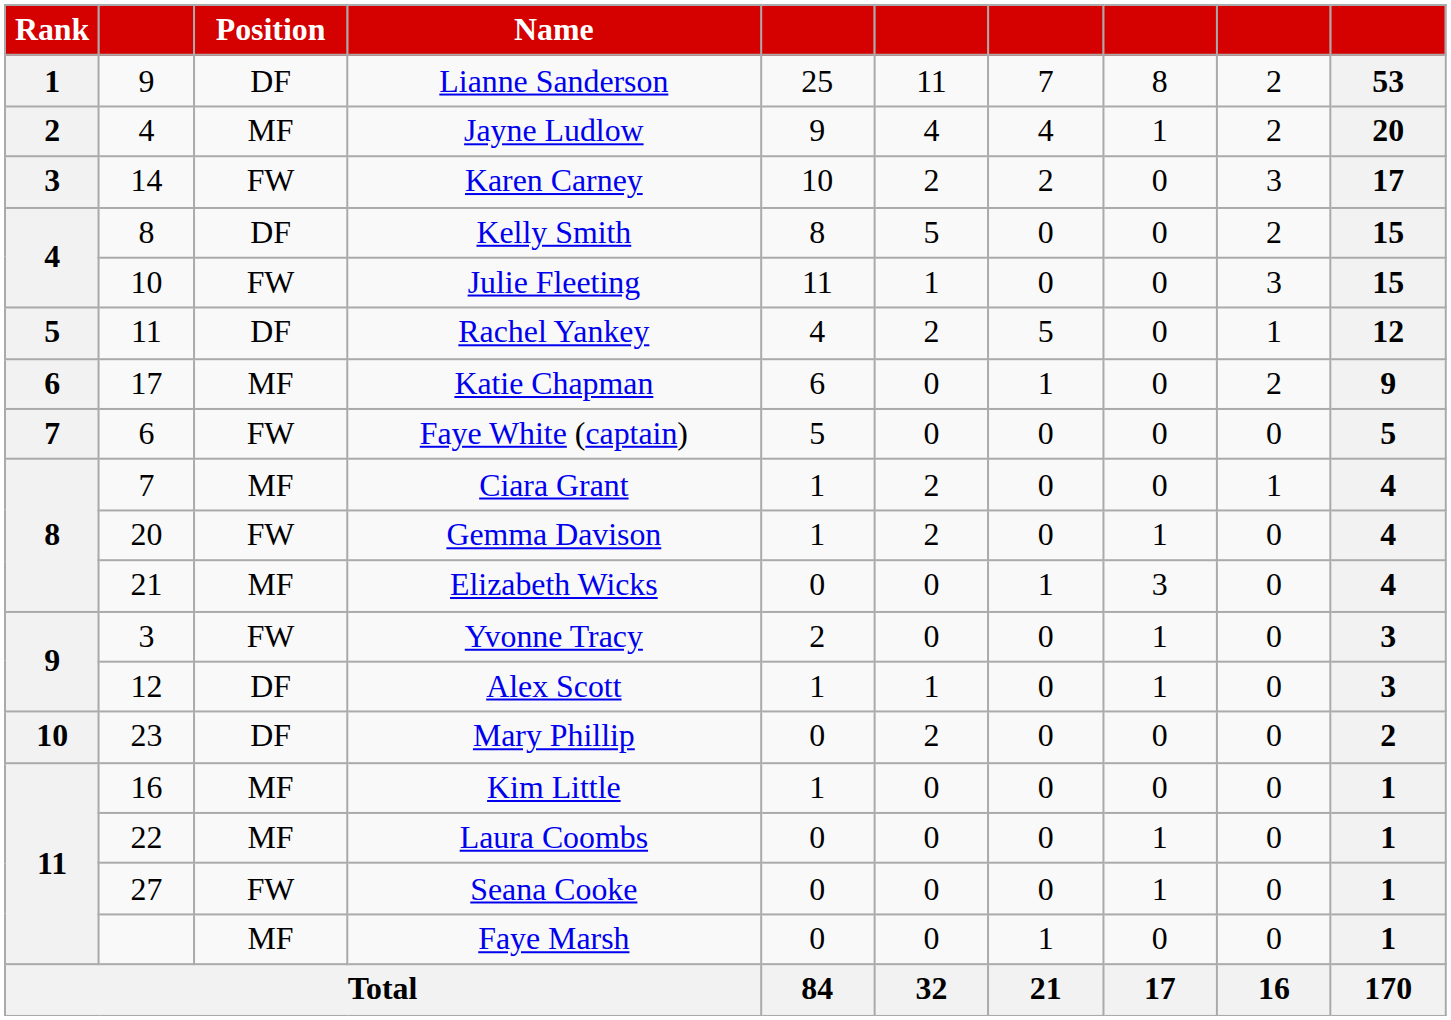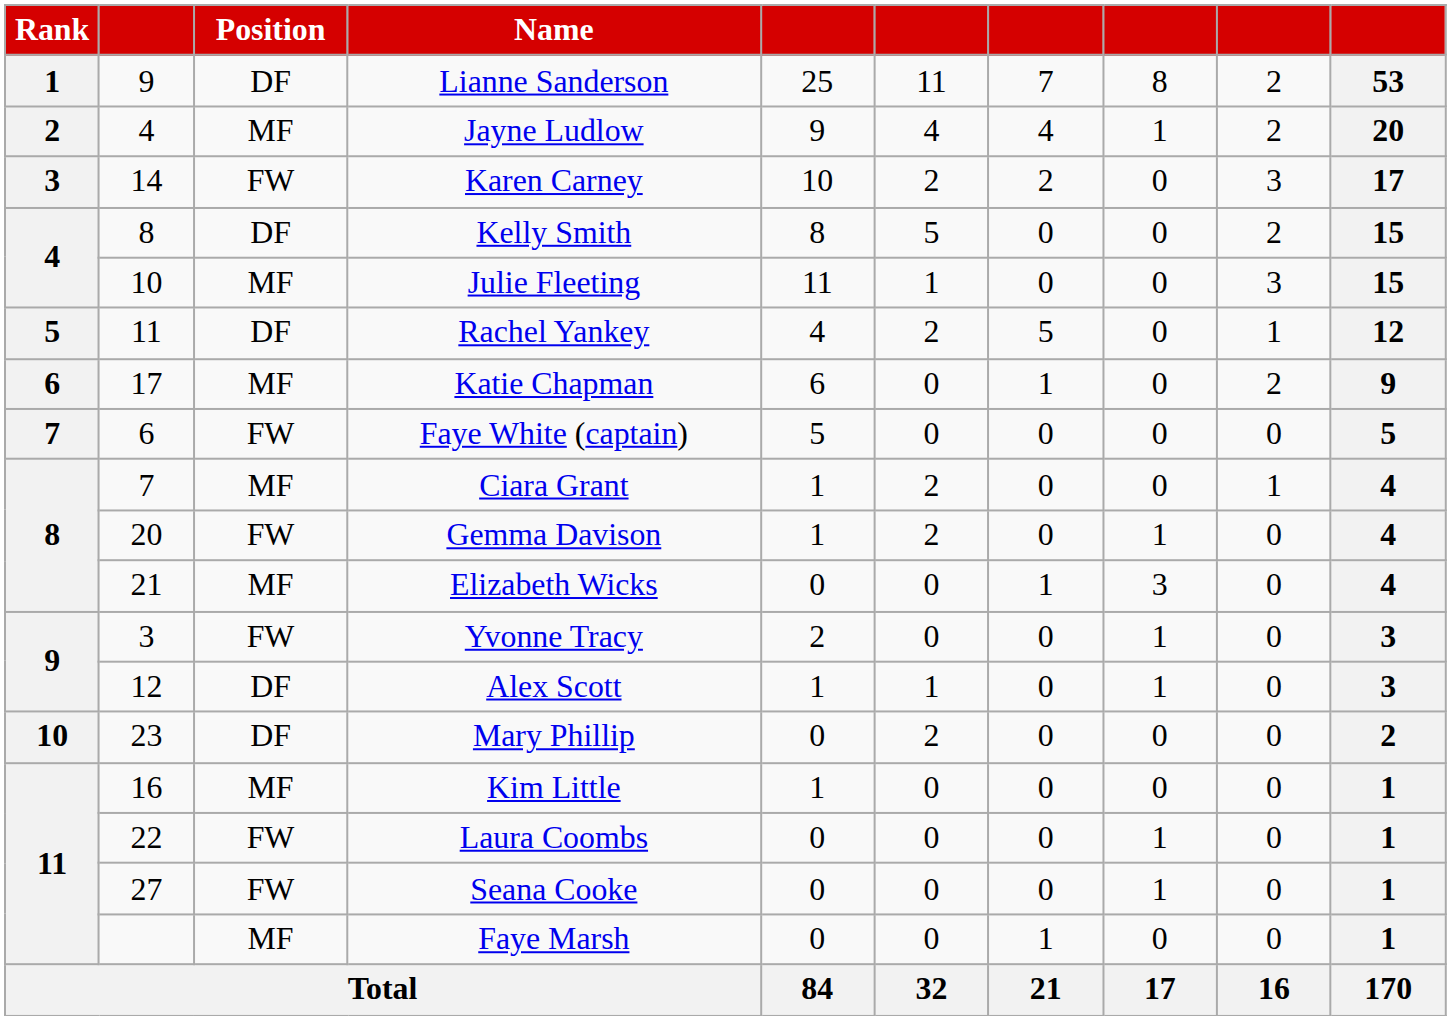 <table class="wikitable" style="text-align:center; font-size:100%; ">
 <tr>
 <th style="background:#d50000; color:white; text-align:center; width:40px">Rank</th>
 <th style="background:#d50000; color:white; text-align:center; width:40px"></th>
 <th style="background:#d50000; color:white; text-align:center; width:70px">Position</th>
 <th style="background:#d50000; color:white; text-align:center; width:200px">Name</th>
 <th style="background:#d50000; color:white; text-align:center; width:50px;"></th>
 <th style="background:#d50000; color:white; text-align:center; width:50px;"></th>
 <th style="background:#d50000; color:white; text-align:center; width:50px;"></th>
 <th style="background:#d50000; color:white; text-align:center; width:50px;"></th>
 <th style="background:#d50000; color:white; text-align:center; width:50px;"></th>
 <th style="background:#d50000; color:white; text-align:center; width:50px;"></th>
 </tr>
 <tr>
 <th>1</th>
 <td>9</td>
 <td>DF</td>
 <td> <a href='#'>Lianne Sanderson</a></td>
 <td>25</td>
 <td>11</td>
 <td>7</td>
 <td>8</td>
 <td>2</td>
 <th>53</th>
 </tr>
 <tr>
 <th>2</th>
 <td>4</td>
 <td>MF</td>
 <td> <a href='#'>Jayne Ludlow</a></td>
 <td>9</td>
 <td>4</td>
 <td>4</td>
 <td>1</td>
 <td>2</td>
 <th>20</th>
 </tr>
 <tr>
 <th>3</th>
 <td>14</td>
 <td>FW</td>
 <td> <a href='#'>Karen Carney</a></td>
 <td>10</td>
 <td>2</td>
 <td>2</td>
 <td>0</td>
 <td>3</td>
 <th>17</th>
 </tr>
 <tr>
 <th rowspan="2">4</th>
 <td>8</td>
 <td>DF</td>
 <td> <a href='#'>Kelly Smith</a></td>
 <td>8</td>
 <td>5</td>
 <td>0</td>
 <td>0</td>
 <td>2</td>
 <th>15</th>
 </tr>
 <tr>
 <td>10</td>
-<td>FW</td>
+<td>MF</td>
 <td> <a href='#'>Julie Fleeting</a></td>
 <td>11</td>
 <td>1</td>
 <td>0</td>
 <td>0</td>
 <td>3</td>
 <th>15</th>
 </tr>
 <tr>
 <th>5</th>
 <td>11</td>
 <td>DF</td>
 <td> <a href='#'>Rachel Yankey</a></td>
 <td>4</td>
 <td>2</td>
 <td>5</td>
 <td>0</td>
 <td>1</td>
 <th>12</th>
 </tr>
 <tr>
 <th>6</th>
 <td>17</td>
 <td>MF</td>
 <td><em></em> <a href='#'>Katie Chapman</a></td>
 <td>6</td>
 <td>0</td>
 <td>1</td>
 <td>0</td>
 <td>2</td>
 <th>9</th>
 </tr>
 <tr>
 <th>7</th>
 <td>6</td>
 <td>FW</td>
 <td> <a href='#'>Faye White</a> (<a href='#'>captain</a>)</td>
 <td>5</td>
 <td>0</td>
 <td>0</td>
 <td>0</td>
 <td>0</td>
 <th>5</th>
 </tr>
 <tr>
 <th rowspan="3">8</th>
 <td>7</td>
 <td>MF</td>
 <td> <a href='#'>Ciara Grant</a></td>
 <td>1</td>
 <td>2</td>
 <td>0</td>
 <td>0</td>
 <td>1</td>
 <th>4</th>
 </tr>
 <tr>
 <td>20</td>
 <td>FW</td>
 <td> <a href='#'>Gemma Davison</a></td>
 <td>1</td>
 <td>2</td>
 <td>0</td>
 <td>1</td>
 <td>0</td>
 <th>4</th>
 </tr>
 <tr>
 <td>21</td>
 <td>MF</td>
 <td> <a href='#'>Elizabeth Wicks</a></td>
 <td>0</td>
 <td>0</td>
 <td>1</td>
 <td>3</td>
 <td>0</td>
 <th>4</th>
 </tr>
 <tr>
 <th rowspan="2">9</th>
 <td>3</td>
 <td>FW</td>
 <td> <a href='#'>Yvonne Tracy</a></td>
 <td>2</td>
 <td>0</td>
 <td>0</td>
 <td>1</td>
 <td>0</td>
 <th>3</th>
 </tr>
 <tr>
 <td>12</td>
 <td>DF</td>
 <td> <a href='#'>Alex Scott</a></td>
 <td>1</td>
 <td>1</td>
 <td>0</td>
 <td>1</td>
 <td>0</td>
 <th>3</th>
 </tr>
 <tr>
 <th>10</th>
 <td>23</td>
 <td>DF</td>
 <td> <a href='#'>Mary Phillip</a></td>
 <td>0</td>
 <td>2</td>
 <td>0</td>
 <td>0</td>
 <td>0</td>
 <th>2</th>
 </tr>
 <tr>
 <th rowspan="4">11</th>
 <td>16</td>
 <td>MF</td>
 <td> <a href='#'>Kim Little</a></td>
 <td>1</td>
 <td>0</td>
 <td>0</td>
 <td>0</td>
 <td>0</td>
 <th>1</th>
 </tr>
 <tr>
 <td>22</td>
-<td>MF</td>
+<td>FW</td>
 <td><em></em> <a href='#'>Laura Coombs</a></td>
 <td>0</td>
 <td>0</td>
 <td>0</td>
 <td>1</td>
 <td>0</td>
 <th>1</th>
 </tr>
 <tr>
 <td>27</td>
 <td>FW</td>
 <td> <a href='#'>Seana Cooke</a></td>
 <td>0</td>
 <td>0</td>
 <td>0</td>
 <td>1</td>
 <td>0</td>
 <th>1</th>
 </tr>
 <tr>
 <td></td>
 <td>MF</td>
 <td> <a href='#'>Faye Marsh</a></td>
 <td>0</td>
 <td>0</td>
 <td>1</td>
 <td>0</td>
 <td>0</td>
 <th>1</th>
 </tr>
 <tr>
 <th colspan="4">Total</th>
 <th>84</th>
 <th>32</th>
 <th>21</th>
 <th>17</th>
 <th>16</th>
 <th>170</th>
 </tr>
 </table>
